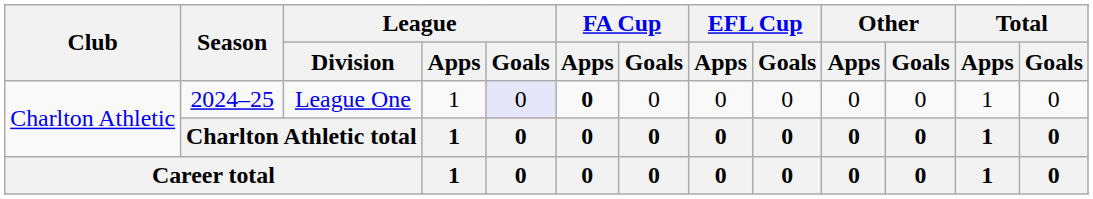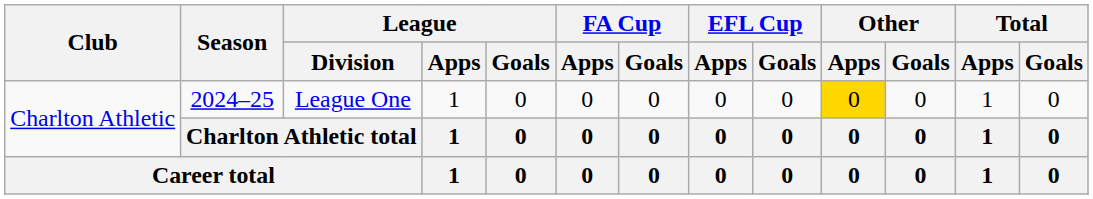 <table class="wikitable" style="text-align: center;">
 <tr>
 <th rowspan="2">Club</th>
 <th rowspan="2">Season</th>
 <th colspan="3">League</th>
 <th colspan="2"><a href='#'>FA Cup</a></th>
 <th colspan="2"><a href='#'>EFL Cup</a></th>
 <th colspan="2">Other</th>
 <th colspan="2">Total</th>
 </tr>
 <tr>
 <th>Division</th>
 <th>Apps</th>
 <th>Goals</th>
 <th>Apps</th>
 <th>Goals</th>
 <th>Apps</th>
 <th>Goals</th>
 <th>Apps</th>
 <th>Goals</th>
 <th>Apps</th>
 <th>Goals</th>
 </tr>
 <tr>
 <td rowspan="2"><a href='#'>Charlton Athletic</a></td>
 <td><a href='#'>2024–25</a></td>
 <td><a href='#'>League One</a></td>
 <td>1</td>
-<td style="background: lavender;">0</td>
-<td><strong>0</strong></td>
 <td>0</td>
 <td>0</td>
 <td>0</td>
 <td>0</td>
+<td>0</td>
+<td style="background: gold;">0</td>
 <td>0</td>
 <td>1</td>
 <td>0</td>
 </tr>
 <tr>
 <th colspan="2">Charlton Athletic total</th>
 <th>1</th>
 <th>0</th>
 <th>0</th>
 <th>0</th>
 <th>0</th>
 <th>0</th>
 <th>0</th>
 <th>0</th>
 <th>1</th>
 <th>0</th>
 </tr>
 <tr>
 <th colspan="3">Career total</th>
 <th>1</th>
 <th>0</th>
 <th>0</th>
 <th>0</th>
 <th>0</th>
 <th>0</th>
 <th>0</th>
 <th>0</th>
 <th>1</th>
 <th>0</th>
 </tr>
 </table>
